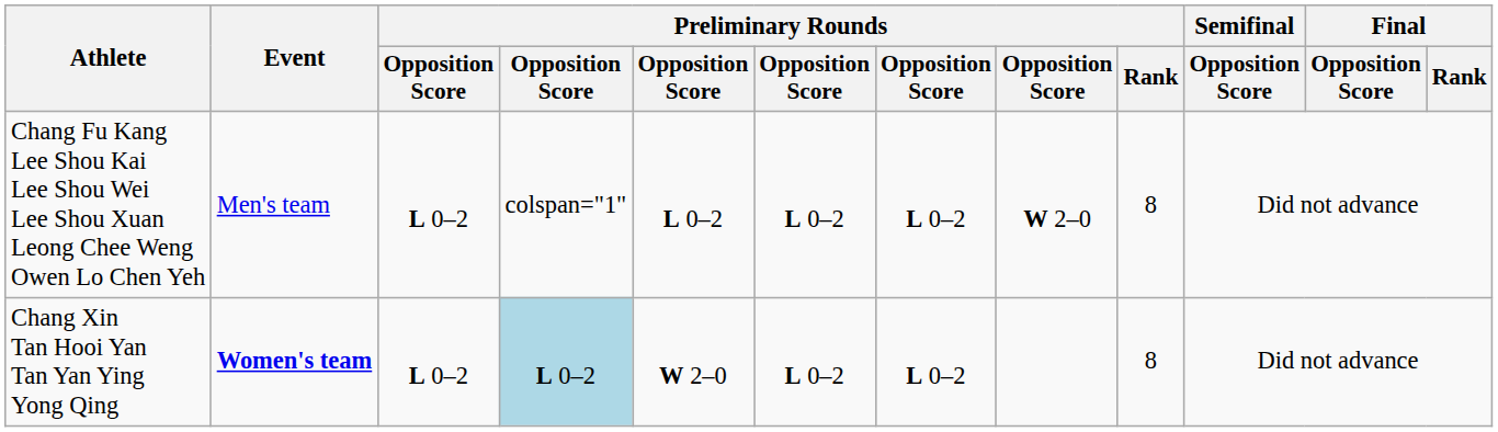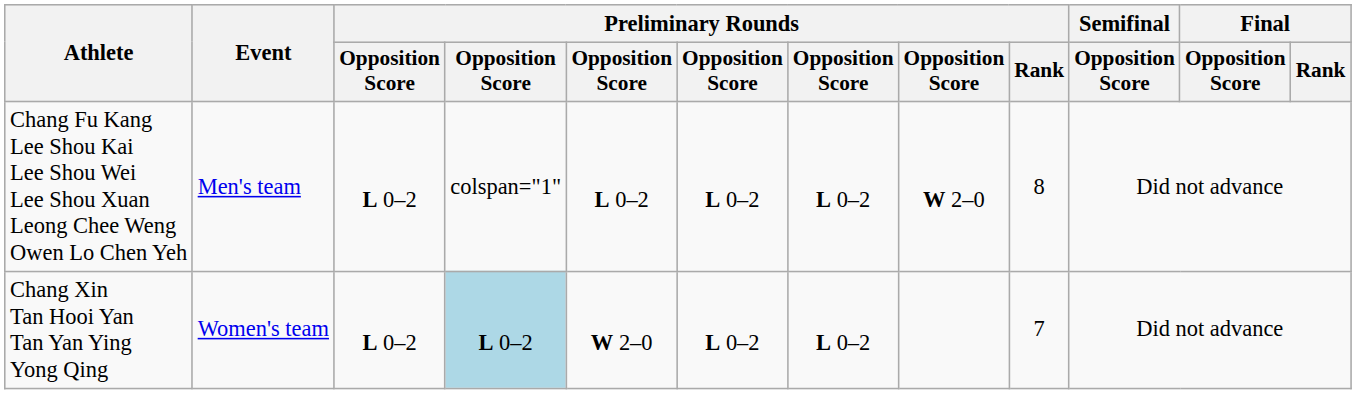 <table class="wikitable" style="font-size:90%;text-align:center">
 <tr>
 <th rowspan="2">Athlete</th>
 <th rowspan="2">Event</th>
 <th colspan="7">Preliminary Rounds</th>
 <th>Semifinal</th>
 <th colspan="2">Final</th>
 </tr>
 <tr style="font-size:95%">
 <th>Opposition<br>Score</th>
 <th>Opposition<br>Score</th>
 <th>Opposition<br>Score</th>
 <th>Opposition<br>Score</th>
 <th>Opposition<br>Score</th>
 <th>Opposition<br>Score</th>
 <th>Rank</th>
 <th>Opposition<br>Score</th>
 <th>Opposition<br>Score</th>
 <th>Rank</th>
 </tr>
 <tr>
 <td align="left">Chang Fu Kang<br>Lee Shou Kai<br>Lee Shou Wei<br>Lee Shou Xuan<br>Leong Chee Weng<br>Owen Lo Chen Yeh</td>
 <td rowspan="1" align="left"><a href='#'>Men's team</a></td>
 <td><br><strong>L</strong> 0–2</td>
 <td>colspan="1" </td>
 <td><br><strong>L</strong> 0–2</td>
 <td><br><strong>L</strong> 0–2</td>
 <td><br><strong>L</strong> 0–2</td>
 <td><br><strong>W</strong> 2–0</td>
 <td>8</td>
 <td colspan="3">Did not advance</td>
 </tr>
 <tr>
 <td align="left">Chang Xin<br>Tan Hooi Yan<br>Tan Yan Ying<br>Yong Qing</td>
-<td rowspan="1" align="left"><strong><a href='#'>Women's team</a></strong></td>
+<td rowspan="1" align="left"><a href='#'>Women's team</a></td>
 <td><br><strong>L</strong> 0–2</td>
 <td style="background: lightblue;"><br><strong>L</strong> 0–2</td>
 <td><br><strong>W</strong> 2–0</td>
 <td><br><strong>L</strong> 0–2</td>
 <td><br><strong>L</strong> 0–2</td>
 <td></td>
-<td>8</td>
+<td>7</td>
 <td colspan="3">Did not advance</td>
 </tr>
 </table>
